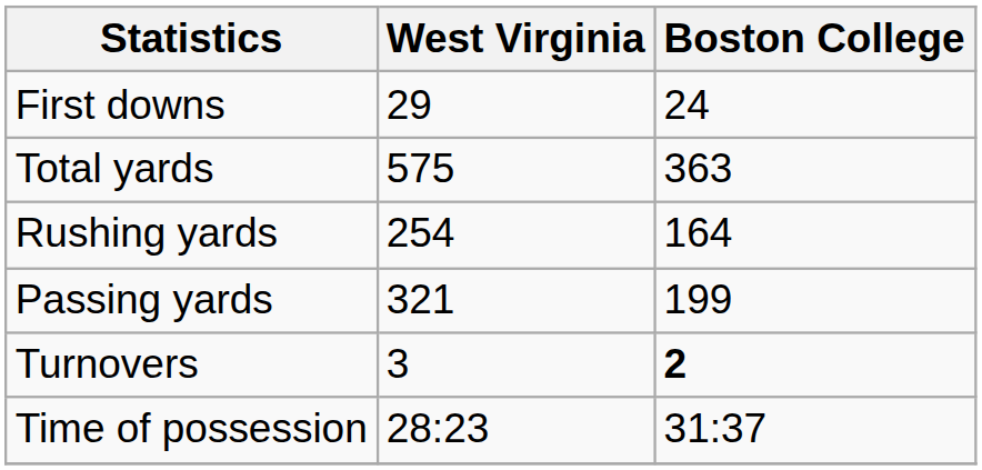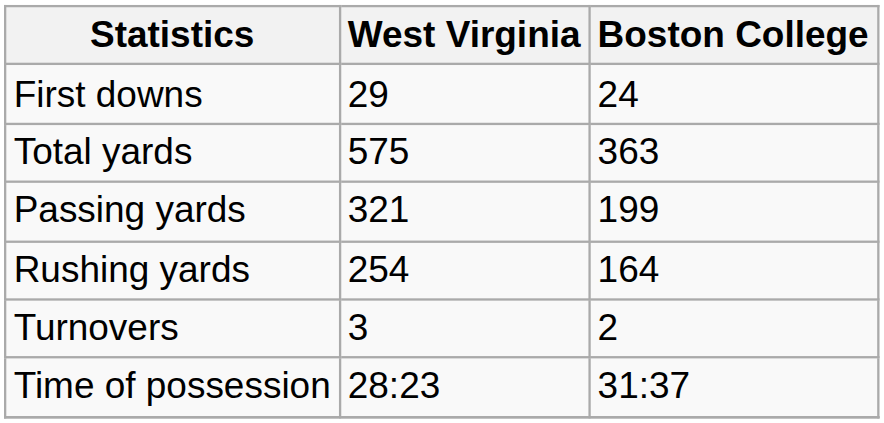 <table class="wikitable" style="float: left;">
 <tr>
 <th>Statistics</th>
 <th>West Virginia</th>
 <th>Boston College</th>
 </tr>
 <tr>
 <td>First downs</td>
 <td>29</td>
 <td>24</td>
 </tr>
 <tr>
 <td>Total yards</td>
 <td>575</td>
 <td>363</td>
 </tr>
 <tr>
+<td>Passing yards</td>
+<td>321</td>
+<td>199</td>
+</tr>
+<tr>
 <td>Rushing yards</td>
 <td>254</td>
 <td>164</td>
 </tr>
 <tr>
-<td>Passing yards</td>
-<td>321</td>
-<td>199</td>
-</tr>
-<tr>
 <td>Turnovers</td>
 <td>3</td>
-<td><strong>2</strong></td>
+<td>2</td>
 </tr>
 <tr>
 <td>Time of possession</td>
 <td>28:23</td>
 <td>31:37</td>
 </tr>
 <tr>
 </tr>
 </table>
